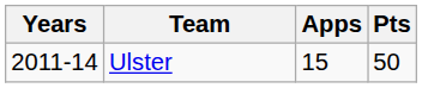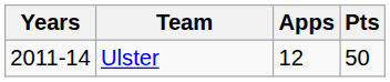 <table class="wikitable" style="text-align:left;">
 <tr>
 <th>Years</th>
 <th width=120px>Team</th>
 <th>Apps</th>
 <th>Pts</th>
 </tr>
 <tr>
 <td>2011-14</td>
 <td><a href='#'>Ulster</a></td>
-<td>15</td>
+<td>12</td>
 <td>50</td>
 </tr>
 </table>
